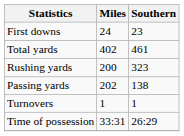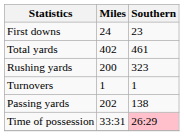 <table class="wikitable">
 <tr>
 <th>Statistics</th>
 <th>Miles</th>
 <th>Southern</th>
 </tr>
 <tr>
 <td>First downs</td>
 <td>24</td>
 <td>23</td>
 </tr>
 <tr>
 <td>Total yards</td>
 <td>402</td>
 <td>461</td>
 </tr>
 <tr>
 <td>Rushing yards</td>
 <td>200</td>
 <td>323</td>
 </tr>
 <tr>
+<td>Turnovers</td>
+<td>1</td>
+<td>1</td>
+</tr>
+<tr>
 <td>Passing yards</td>
 <td>202</td>
 <td>138</td>
 </tr>
 <tr>
-<td>Turnovers</td>
-<td>1</td>
-<td>1</td>
-</tr>
-<tr>
 <td>Time of possession</td>
 <td>33:31</td>
-<td>26:29</td>
+<td style="background: pink;">26:29</td>
 </tr>
 <tr>
 </tr>
 </table>
